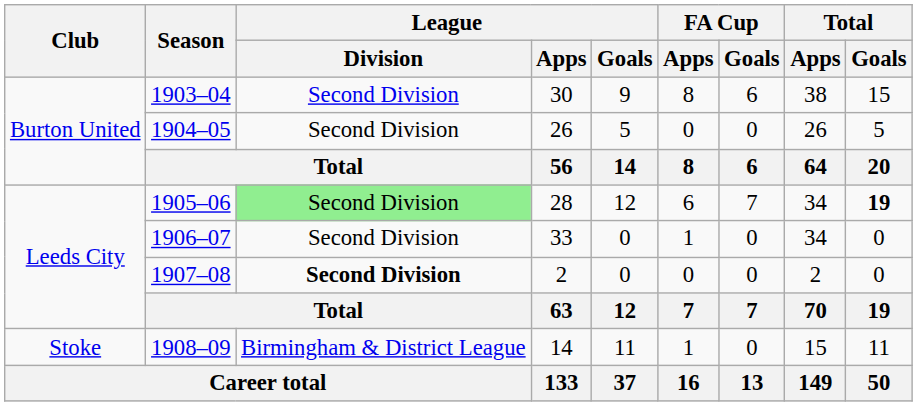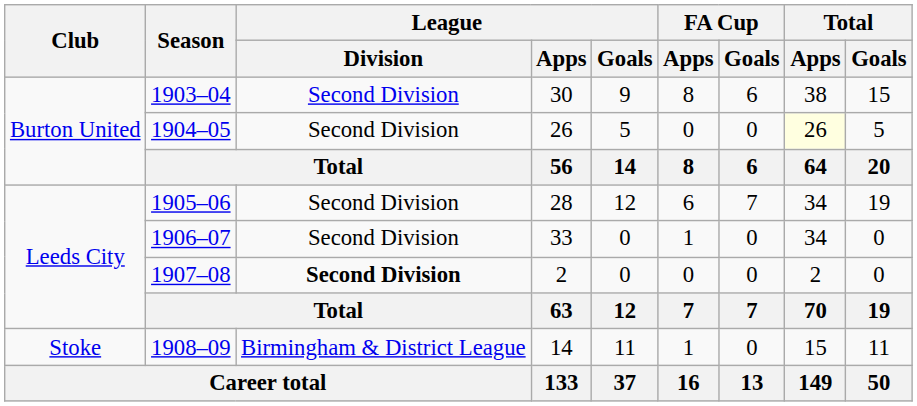 <table class="wikitable" style="text-align: center;">
 <tr>
 <th rowspan="2">Club</th>
 <th rowspan="2">Season</th>
 <th colspan="3">League</th>
 <th colspan="2">FA Cup</th>
 <th colspan="2">Total</th>
 </tr>
 <tr>
 <th>Division</th>
 <th>Apps</th>
 <th>Goals</th>
 <th>Apps</th>
 <th>Goals</th>
 <th>Apps</th>
 <th>Goals</th>
 </tr>
 <tr>
 <td rowspan=3><a href='#'>Burton United</a></td>
 <td><a href='#'>1903–04</a></td>
 <td><a href='#'>Second Division</a></td>
 <td>30</td>
 <td>9</td>
 <td>8</td>
 <td>6</td>
 <td>38</td>
 <td>15</td>
 </tr>
 <tr>
 <td><a href='#'>1904–05</a></td>
 <td>Second Division</td>
 <td>26</td>
 <td>5</td>
 <td>0</td>
 <td>0</td>
-<td>26</td>
+<td style="background: lightyellow;">26</td>
 <td>5</td>
 </tr>
 <tr>
 <th colspan=2>Total</th>
 <th>56</th>
 <th>14</th>
 <th>8</th>
 <th>6</th>
 <th>64</th>
 <th>20</th>
 </tr>
 <tr>
 <td rowspan=4><a href='#'>Leeds City</a></td>
 <td><a href='#'>1905–06</a></td>
-<td style="background: lightgreen;">Second Division</td>
+<td>Second Division</td>
 <td>28</td>
 <td>12</td>
 <td>6</td>
 <td>7</td>
 <td>34</td>
-<td><strong>19</strong></td>
+<td>19</td>
 </tr>
 <tr>
 <td><a href='#'>1906–07</a></td>
 <td>Second Division</td>
 <td>33</td>
 <td>0</td>
 <td>1</td>
 <td>0</td>
 <td>34</td>
 <td>0</td>
 </tr>
 <tr>
 <td><a href='#'>1907–08</a></td>
 <td><strong>Second Division</strong></td>
 <td>2</td>
 <td>0</td>
 <td>0</td>
 <td>0</td>
 <td>2</td>
 <td>0</td>
 </tr>
 <tr>
 <th colspan=2>Total</th>
 <th>63</th>
 <th>12</th>
 <th>7</th>
 <th>7</th>
 <th>70</th>
 <th>19</th>
 </tr>
 <tr>
 <td><a href='#'>Stoke</a></td>
 <td><a href='#'>1908–09</a></td>
 <td><a href='#'>Birmingham & District League</a></td>
 <td>14</td>
 <td>11</td>
 <td>1</td>
 <td>0</td>
 <td>15</td>
 <td>11</td>
 </tr>
 <tr>
 <th colspan="3">Career total</th>
 <th>133</th>
 <th>37</th>
 <th>16</th>
 <th>13</th>
 <th>149</th>
 <th>50</th>
 </tr>
 </table>
